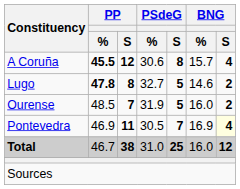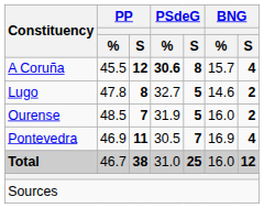 <table class="wikitable sortable" style="text-align:right; line-height:20px;">
 <tr>
 <th rowspan="3">Constituency</th>
 <th colspan="2" width="30px" class="unsortable"><a href='#'>PP</a></th>
 <th colspan="2" width="30px" class="unsortable"><a href='#'>PSdeG</a></th>
 <th colspan="2" width="30px" class="unsortable"><a href='#'>BNG</a></th>
 </tr>
 <tr>
 <th colspan="2" style="background:"></th>
 <th colspan="2" style="background:"></th>
 <th colspan="2" style="background:"></th>
 </tr>
 <tr>
 <th data-sort-type="number">%</th>
 <th data-sort-type="number">S</th>
 <th data-sort-type="number">%</th>
 <th data-sort-type="number">S</th>
 <th data-sort-type="number">%</th>
 <th data-sort-type="number">S</th>
 </tr>
 <tr>
 <td align="left"><a href='#'>A Coruña</a></td>
-<td style="background:"><strong>45.5</strong></td>
+<td style="background:">45.5</td>
 <td><strong>12</strong></td>
-<td>30.6</td>
+<td><strong>30.6</strong></td>
 <td><strong>8</strong></td>
 <td>15.7</td>
 <td><strong>4</strong></td>
 </tr>
 <tr>
 <td align="left"><a href='#'>Lugo</a></td>
-<td style="background:"><strong>47.8</strong></td>
+<td style="background:">47.8</td>
 <td><strong>8</strong></td>
 <td>32.7</td>
 <td><strong>5</strong></td>
 <td>14.6</td>
 <td><strong>2</strong></td>
 </tr>
 <tr>
 <td align="left"><a href='#'>Ourense</a></td>
 <td style="background:">48.5</td>
 <td><strong>7</strong></td>
 <td>31.9</td>
 <td><strong>5</strong></td>
 <td>16.0</td>
 <td><strong>2</strong></td>
 </tr>
 <tr>
 <td align="left"><a href='#'>Pontevedra</a></td>
 <td style="background:">46.9</td>
 <td><strong>11</strong></td>
 <td>30.5</td>
 <td><strong>7</strong></td>
 <td>16.9</td>
-<td style="background: lightyellow;"><strong>4</strong></td>
+<td><strong>4</strong></td>
 </tr>
 <tr style="background:#CDCDCD;">
 <td align="left"><strong>Total</strong></td>
 <td style="background:">46.7</td>
 <td><strong>38</strong></td>
 <td>31.0</td>
 <td><strong>25</strong></td>
 <td>16.0</td>
 <td><strong>12</strong></td>
 </tr>
 <tr>
 <th colspan="7"></th>
 </tr>
 <tr>
 <th style="text-align:left; font-weight:normal; background:#F9F9F9" colspan="7">Sources</th>
 </tr>
 </table>
